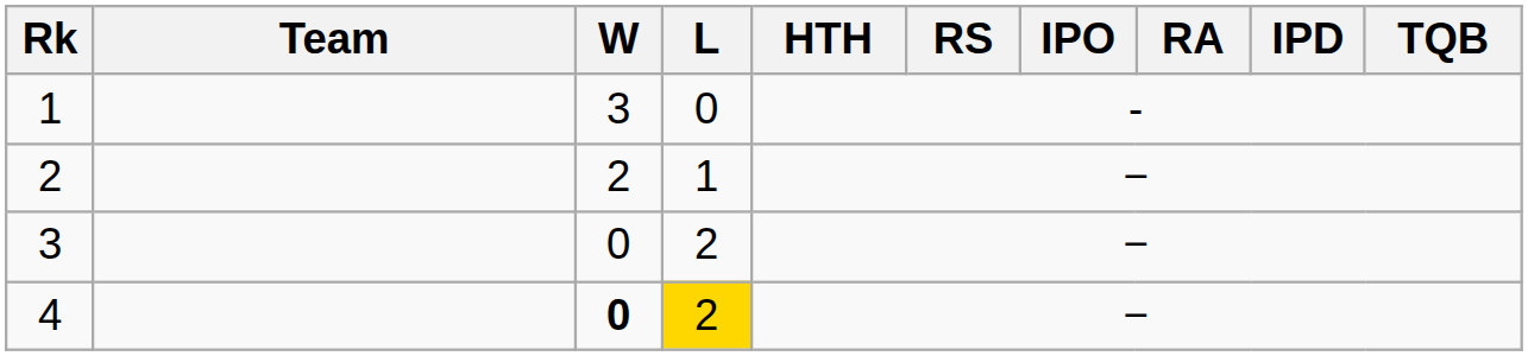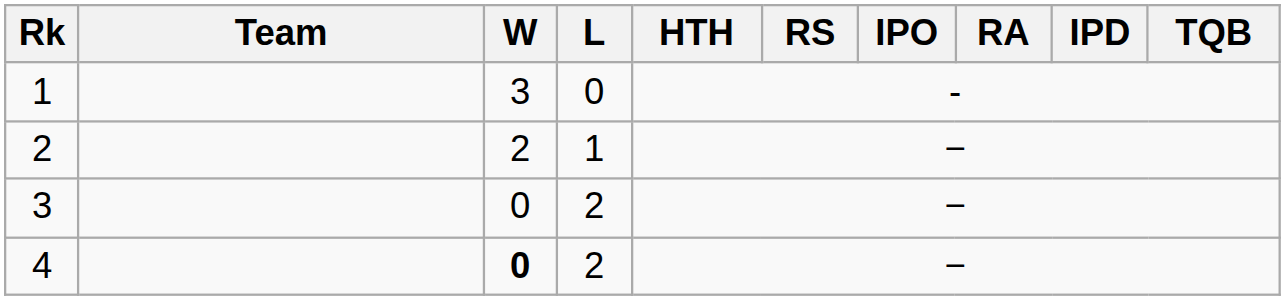 <table class="wikitable" style="text-align:center">
 <tr>
 <th width="25">Rk</th>
 <th width="170">Team</th>
 <th width="25">W</th>
 <th width="25">L</th>
 <th width="50">HTH</th>
 <th width="35">RS</th>
 <th width="35">IPO</th>
 <th width="35">RA</th>
 <th width="35">IPD</th>
 <th width="50">TQB</th>
 </tr>
 <tr>
 <td>1</td>
 <td style="text-align:left;"></td>
 <td>3</td>
 <td>0</td>
 <td colspan="6" style="text-align: center;">-</td>
 </tr>
 <tr>
 <td>2</td>
 <td style="text-align:left;"></td>
 <td>2</td>
 <td>1</td>
 <td colspan="6" style="text-align: center;">−</td>
 </tr>
 <tr>
 <td>3</td>
 <td style="text-align:left;"></td>
 <td>0</td>
 <td>2</td>
 <td colspan="6" style="text-align: center;">−</td>
 </tr>
 <tr>
 <td>4</td>
 <td style="text-align:left;"></td>
 <td><strong>0</strong></td>
-<td style="background: gold;">2</td>
+<td>2</td>
 <td colspan="6" style="text-align: center;">−</td>
 </tr>
 </table>
